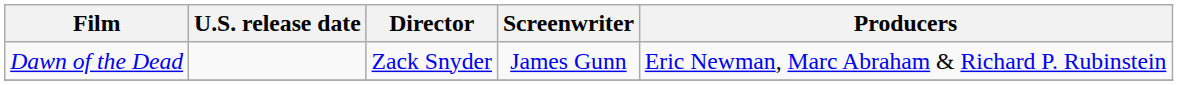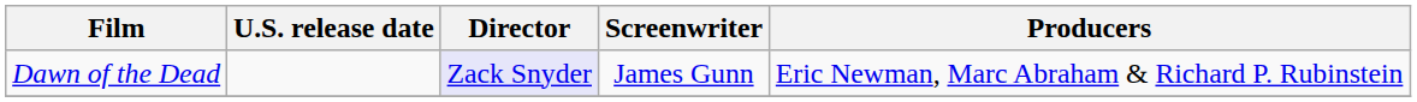 <table class="wikitable plainrowheaders" style="text-align:center;">
 <tr>
 <th>Film</th>
 <th>U.S. release date</th>
 <th>Director</th>
 <th>Screenwriter</th>
 <th>Producers</th>
 </tr>
 <tr>
 <td style="text-align:left"><em><a href='#'>Dawn of the Dead</a></em></td>
 <td style="text-align:left"></td>
-<td><a href='#'>Zack Snyder</a></td>
+<td style="background: lavender;"><a href='#'>Zack Snyder</a></td>
 <td><a href='#'>James Gunn</a></td>
 <td><a href='#'>Eric Newman</a>, <a href='#'>Marc Abraham</a> & <a href='#'>Richard P. Rubinstein</a></td>
 </tr>
 <tr>
 </tr>
 </table>
